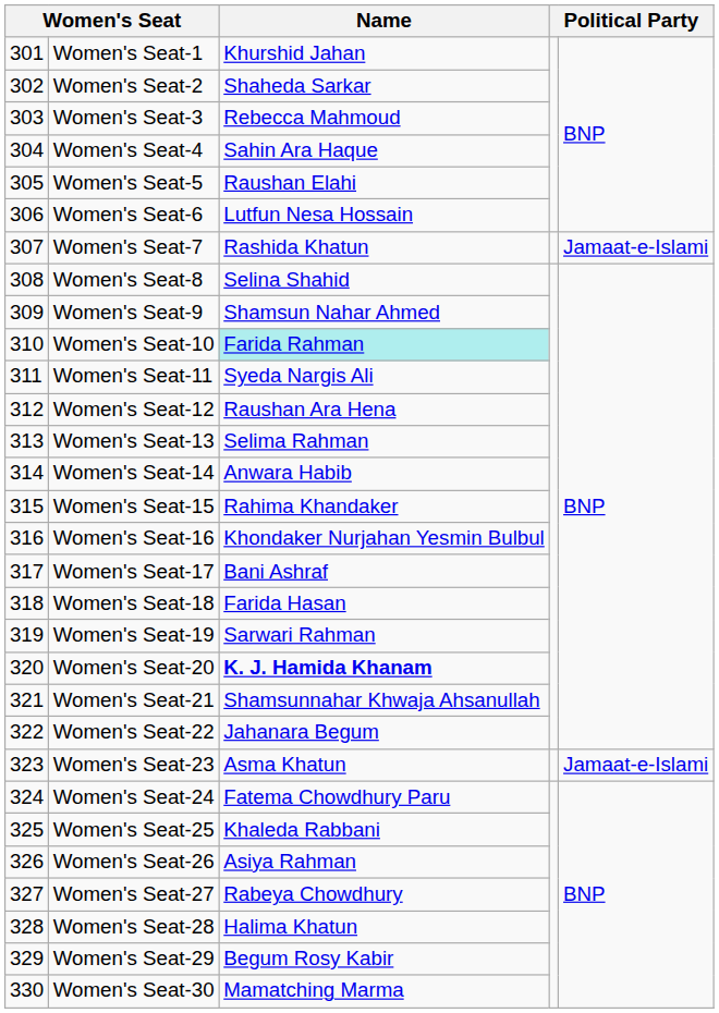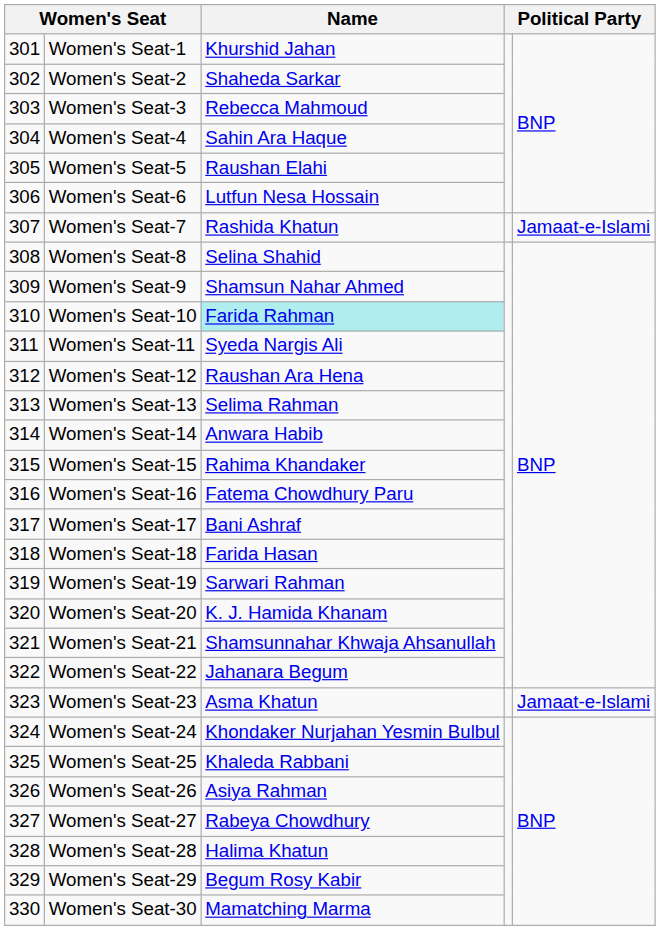 <table class="wikitable sortable">
 <tr>
 <th colspan="2">Women's Seat</th>
 <th>Name</th>
 <th colspan="2"><strong>Political Party</strong></th>
 </tr>
 <tr>
 <td>301</td>
 <td>Women's Seat-1</td>
 <td><a href='#'>Khurshid Jahan</a></td>
 <td rowspan="6" style="background-color:"></td>
 <td rowspan="6"><a href='#'>BNP</a></td>
 </tr>
 <tr>
 <td>302</td>
 <td>Women's Seat-2</td>
 <td><a href='#'>Shaheda Sarkar</a></td>
 </tr>
 <tr>
 <td>303</td>
 <td>Women's Seat-3</td>
 <td><a href='#'>Rebecca Mahmoud</a></td>
 </tr>
 <tr>
 <td>304</td>
 <td>Women's Seat-4</td>
 <td><a href='#'>Sahin Ara Haque</a></td>
 </tr>
 <tr>
 <td>305</td>
 <td>Women's Seat-5</td>
 <td><a href='#'>Raushan Elahi</a></td>
 </tr>
 <tr>
 <td>306</td>
 <td>Women's Seat-6</td>
 <td><a href='#'>Lutfun Nesa Hossain</a></td>
 </tr>
 <tr>
 <td>307</td>
 <td>Women's Seat-7</td>
 <td><a href='#'>Rashida Khatun</a></td>
 <td style="background-color:"></td>
 <td><a href='#'>Jamaat-e-Islami</a></td>
 </tr>
 <tr>
 <td>308</td>
 <td>Women's Seat-8</td>
 <td><a href='#'>Selina Shahid</a></td>
 <td rowspan="15" style="background-color:"></td>
 <td rowspan="15"><a href='#'>BNP</a></td>
 </tr>
 <tr>
 <td>309</td>
 <td>Women's Seat-9</td>
 <td><a href='#'>Shamsun Nahar Ahmed</a></td>
 </tr>
 <tr>
 <td>310</td>
 <td>Women's Seat-10</td>
 <td style="background: paleturquoise;"><a href='#'>Farida Rahman</a></td>
 </tr>
 <tr>
 <td>311</td>
 <td>Women's Seat-11</td>
 <td><a href='#'>Syeda Nargis Ali</a></td>
 </tr>
 <tr>
 <td>312</td>
 <td>Women's Seat-12</td>
 <td><a href='#'>Raushan Ara Hena</a></td>
 </tr>
 <tr>
 <td>313</td>
 <td>Women's Seat-13</td>
 <td><a href='#'>Selima Rahman</a></td>
 </tr>
 <tr>
 <td>314</td>
 <td>Women's Seat-14</td>
 <td><a href='#'>Anwara Habib</a></td>
 </tr>
 <tr>
 <td>315</td>
 <td>Women's Seat-15</td>
 <td><a href='#'>Rahima Khandaker</a></td>
 </tr>
 <tr>
 <td>316</td>
 <td>Women's Seat-16</td>
-<td><a href='#'>Khondaker Nurjahan Yesmin Bulbul</a></td>
+<td><a href='#'>Fatema Chowdhury Paru</a></td>
 </tr>
 <tr>
 <td>317</td>
 <td>Women's Seat-17</td>
 <td><a href='#'>Bani Ashraf</a></td>
 </tr>
 <tr>
 <td>318</td>
 <td>Women's Seat-18</td>
 <td><a href='#'>Farida Hasan</a></td>
 </tr>
 <tr>
 <td>319</td>
 <td>Women's Seat-19</td>
 <td><a href='#'>Sarwari Rahman</a></td>
 </tr>
 <tr>
 <td>320</td>
 <td>Women's Seat-20</td>
-<td><strong><a href='#'>K. J. Hamida Khanam</a></strong></td>
+<td><a href='#'>K. J. Hamida Khanam</a></td>
 </tr>
 <tr>
 <td>321</td>
 <td>Women's Seat-21</td>
 <td><a href='#'>Shamsunnahar Khwaja Ahsanullah</a></td>
 </tr>
 <tr>
 <td>322</td>
 <td>Women's Seat-22</td>
 <td><a href='#'>Jahanara Begum</a></td>
 </tr>
 <tr>
 <td>323</td>
 <td>Women's Seat-23</td>
 <td><a href='#'>Asma Khatun</a></td>
 <td style="background-color:"></td>
 <td><a href='#'>Jamaat-e-Islami</a></td>
 </tr>
 <tr>
 <td>324</td>
 <td>Women's Seat-24</td>
-<td><a href='#'>Fatema Chowdhury Paru</a></td>
+<td><a href='#'>Khondaker Nurjahan Yesmin Bulbul</a></td>
 <td rowspan="7" style="background-color:"></td>
 <td rowspan="7"><a href='#'>BNP</a></td>
 </tr>
 <tr>
 <td>325</td>
 <td>Women's Seat-25</td>
 <td><a href='#'>Khaleda Rabbani</a></td>
 </tr>
 <tr>
 <td>326</td>
 <td>Women's Seat-26</td>
 <td><a href='#'>Asiya Rahman</a></td>
 </tr>
 <tr>
 <td>327</td>
 <td>Women's Seat-27</td>
 <td><a href='#'>Rabeya Chowdhury</a></td>
 </tr>
 <tr>
 <td>328</td>
 <td>Women's Seat-28</td>
 <td><a href='#'>Halima Khatun</a></td>
 </tr>
 <tr>
 <td>329</td>
 <td>Women's Seat-29</td>
 <td><a href='#'>Begum Rosy Kabir</a></td>
 </tr>
 <tr>
 <td>330</td>
 <td>Women's Seat-30</td>
 <td><a href='#'>Mamatching Marma</a></td>
 </tr>
 </table>
